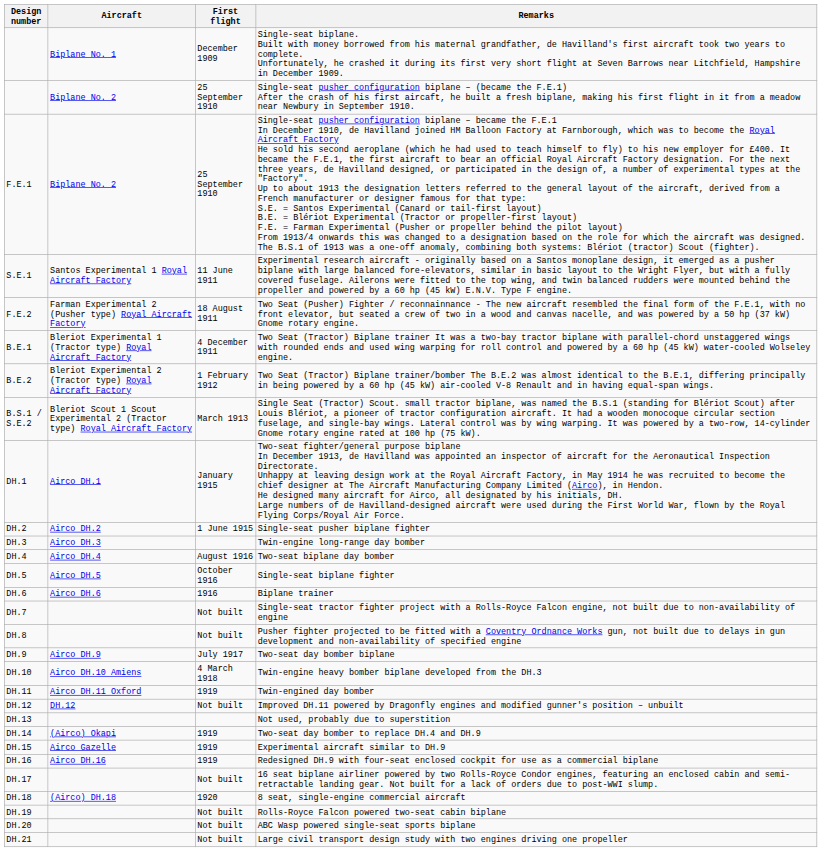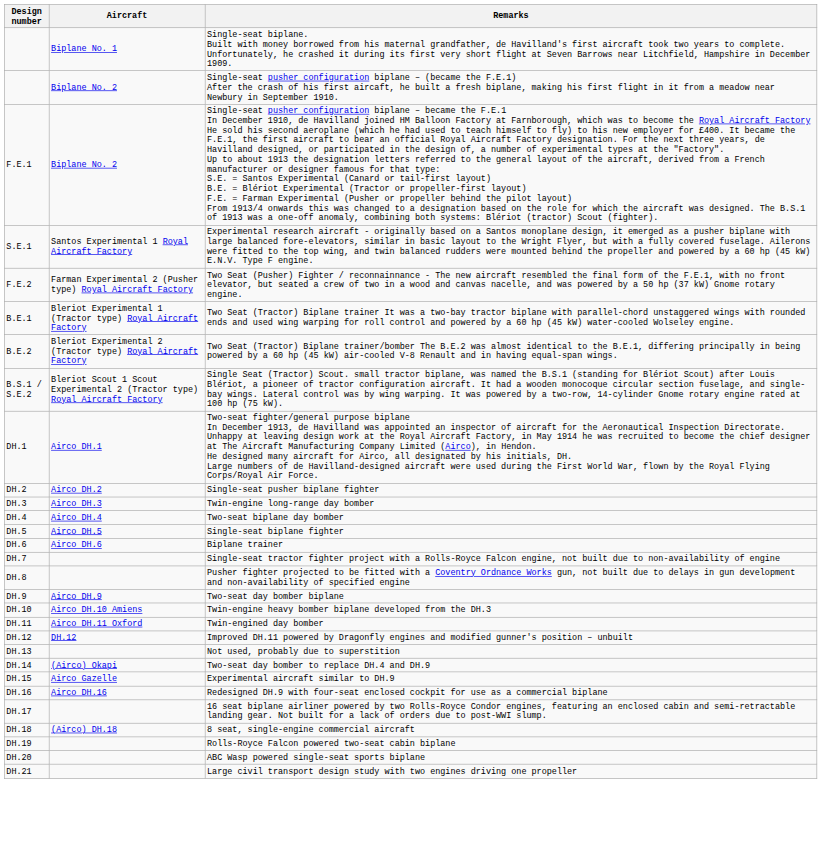 <table class="wikitable">
 <tr>
 <th>Design<br> number</th>
 <th>Aircraft</th>
-<th>First flight</th>
 <th>Remarks</th>
 </tr>
 <tr>
 <td></td>
 <td><a href='#'>Biplane No. 1</a></td>
-<td>December 1909</td>
 <td>Single-seat biplane.<br>Built with money borrowed from his maternal grandfather, de Havilland's first aircraft took two years to complete.<br>Unfortunately, he crashed it during its first very short flight at Seven Barrows near Litchfield, Hampshire in December 1909.</td>
 </tr>
 <tr>
 <td></td>
 <td><a href='#'>Biplane No. 2</a></td>
-<td>25 September 1910</td>
 <td>Single-seat <a href='#'>pusher configuration</a> biplane – (became the F.E.1)<br>After the crash of his first aircaft, he built a fresh biplane, making his first flight in it from a meadow near Newbury in September 1910.</td>
 </tr>
 <tr>
 <td>F.E.1</td>
 <td><a href='#'>Biplane No. 2</a></td>
-<td>25 September 1910</td>
 <td>Single-seat <a href='#'>pusher configuration</a> biplane – became the F.E.1<br>In December 1910, de Havilland joined HM Balloon Factory at Farnborough, which was to become the <a href='#'>Royal Aircraft Factory</a><br>He sold his second aeroplane (which he had used to teach himself to fly) to his new employer for £400. It became the F.E.1, the first aircraft to bear an official Royal Aircraft Factory designation. For the next three years, de Havilland designed, or participated in the design of, a number of experimental types at the "Factory".<br>Up to about 1913 the designation letters referred to the general layout of the aircraft, derived from a French manufacturer or designer famous for that type:<br>S.E. = Santos Experimental (Canard or tail-first layout)<br>B.E. = Blériot Experimental (Tractor or propeller-first layout)<br>F.E. = Farman Experimental (Pusher or propeller behind the pilot layout)<br>From 1913/4 onwards this was changed to a designation based on the role for which the aircraft was designed. The B.S.1 of 1913 was a one-off anomaly, combining both systems: Blériot (tractor) Scout (fighter).</td>
 </tr>
 <tr>
 <td>S.E.1</td>
 <td>Santos Experimental 1 <a href='#'>Royal Aircraft Factory</a></td>
-<td>11 June 1911</td>
 <td>Experimental research aircraft - originally based on a Santos monoplane design, it emerged as a pusher biplane with large balanced fore-elevators, similar in basic layout to the Wright Flyer, but with a fully covered fuselage. Ailerons were fitted to the top wing, and twin balanced rudders were mounted behind the propeller and powered by a 60 hp (45 kW) E.N.V. Type F engine.</td>
 </tr>
 <tr>
 <td>F.E.2</td>
 <td>Farman Experimental 2 (Pusher type) <a href='#'>Royal Aircraft Factory</a></td>
-<td>18 August 1911</td>
 <td>Two Seat (Pusher) Fighter / reconnainnance - The new aircraft resembled the final form of the F.E.1, with no front elevator, but seated a crew of two in a wood and canvas nacelle, and was powered by a 50 hp (37 kW) Gnome rotary engine.</td>
 </tr>
 <tr>
 <td>B.E.1</td>
 <td>Bleriot Experimental 1 (Tractor type) <a href='#'>Royal Aircraft Factory</a></td>
-<td>4 December 1911</td>
 <td>Two Seat (Tractor) Biplane trainer It was a two-bay tractor biplane with parallel-chord unstaggered wings with rounded ends and used wing warping for roll control and powered by a 60 hp (45 kW) water-cooled Wolseley engine.</td>
 </tr>
 <tr>
 <td>B.E.2</td>
 <td>Bleriot Experimental 2 (Tractor type) <a href='#'>Royal Aircraft Factory</a></td>
-<td>1 February 1912</td>
 <td>Two Seat (Tractor) Biplane trainer/bomber The B.E.2 was almost identical to the B.E.1, differing principally in being powered by a 60 hp (45 kW) air-cooled V-8 Renault and in having equal-span wings.</td>
 </tr>
 <tr>
 <td>B.S.1 / S.E.2</td>
 <td>Bleriot Scout 1 Scout Experimental 2 (Tractor type) <a href='#'>Royal Aircraft Factory</a></td>
-<td>March 1913</td>
 <td>Single Seat (Tractor) Scout. small tractor biplane, was named the B.S.1 (standing for Blériot Scout) after Louis Blériot, a pioneer of tractor configuration aircraft. It had a wooden monocoque circular section fuselage, and single-bay wings. Lateral control was by wing warping. It was powered by a two-row, 14-cylinder Gnome rotary engine rated at 100 hp (75 kW).</td>
 </tr>
 <tr>
 <td>DH.1</td>
 <td><a href='#'>Airco DH.1</a></td>
-<td>January 1915</td>
 <td>Two-seat fighter/general purpose biplane<br>In December 1913, de Havilland was appointed an inspector of aircraft for the Aeronautical Inspection Directorate.<br>Unhappy at leaving design work at the Royal Aircraft Factory, in May 1914 he was recruited to become the chief designer at The Aircraft Manufacturing Company Limited (<a href='#'>Airco</a>), in Hendon.<br>He designed many aircraft for Airco, all designated by his initials, DH.<br>Large numbers of de Havilland-designed aircraft were used during the First World War, flown by the Royal Flying Corps/Royal Air Force.</td>
 </tr>
 <tr>
 <td>DH.2</td>
 <td><a href='#'>Airco DH.2</a></td>
-<td>1 June 1915</td>
 <td>Single-seat pusher biplane fighter</td>
 </tr>
 <tr>
 <td>DH.3</td>
 <td><a href='#'>Airco DH.3</a></td>
-<td></td>
 <td>Twin-engine long-range day bomber</td>
 </tr>
 <tr>
 <td>DH.4</td>
 <td><a href='#'>Airco DH.4</a></td>
-<td>August 1916</td>
 <td>Two-seat biplane day bomber</td>
 </tr>
 <tr>
 <td>DH.5</td>
 <td><a href='#'>Airco DH.5</a></td>
-<td>October 1916</td>
 <td>Single-seat biplane fighter</td>
 </tr>
 <tr>
 <td>DH.6</td>
 <td><a href='#'>Airco DH.6</a></td>
-<td>1916</td>
 <td>Biplane trainer</td>
 </tr>
 <tr>
 <td>DH.7</td>
 <td></td>
-<td>Not built</td>
 <td>Single-seat tractor fighter project with a Rolls-Royce Falcon engine, not built due to non-availability of engine</td>
 </tr>
 <tr>
 <td>DH.8</td>
 <td></td>
-<td>Not built</td>
 <td>Pusher fighter projected to be fitted with a <a href='#'>Coventry Ordnance Works</a> gun, not built due to delays in gun development and non-availability of specified engine</td>
 </tr>
 <tr>
 <td>DH.9</td>
 <td><a href='#'>Airco DH.9</a></td>
-<td>July 1917</td>
 <td>Two-seat day bomber biplane</td>
 </tr>
 <tr>
 <td>DH.10</td>
 <td><a href='#'>Airco DH.10 Amiens</a></td>
-<td>4 March 1918</td>
 <td>Twin-engine heavy bomber biplane developed from the DH.3</td>
 </tr>
 <tr>
 <td>DH.11</td>
 <td><a href='#'>Airco DH.11 Oxford</a></td>
-<td>1919</td>
 <td>Twin-engined day bomber</td>
 </tr>
 <tr>
 <td>DH.12</td>
 <td><a href='#'>DH.12</a></td>
-<td>Not built</td>
 <td>Improved DH.11 powered by Dragonfly engines and modified gunner's position – unbuilt</td>
 </tr>
 <tr>
 <td>DH.13</td>
-<td></td>
 <td></td>
 <td>Not used, probably due to superstition</td>
 </tr>
 <tr>
 <td>DH.14</td>
 <td><a href='#'>(Airco) Okapi</a></td>
-<td>1919</td>
 <td>Two-seat day bomber to replace DH.4 and DH.9</td>
 </tr>
 <tr>
 <td>DH.15</td>
 <td><a href='#'>Airco Gazelle</a></td>
-<td>1919</td>
 <td>Experimental aircraft similar to DH.9</td>
 </tr>
 <tr>
 <td>DH.16</td>
 <td><a href='#'>Airco DH.16</a></td>
-<td>1919</td>
 <td>Redesigned DH.9 with four-seat enclosed cockpit for use as a commercial biplane</td>
 </tr>
 <tr>
 <td>DH.17</td>
 <td></td>
-<td>Not built</td>
 <td>16 seat biplane airliner powered by two Rolls-Royce Condor engines, featuring an enclosed cabin and semi-retractable landing gear. Not built for a lack of orders due to post-WWI slump.</td>
 </tr>
 <tr>
 <td>DH.18</td>
 <td><a href='#'>(Airco) DH.18</a></td>
-<td>1920</td>
 <td>8 seat, single-engine commercial aircraft</td>
 </tr>
 <tr>
 <td>DH.19</td>
 <td></td>
-<td>Not built</td>
 <td>Rolls-Royce Falcon powered two-seat cabin biplane</td>
 </tr>
 <tr>
 <td>DH.20</td>
 <td></td>
-<td>Not built</td>
 <td>ABC Wasp powered single-seat sports biplane</td>
 </tr>
 <tr>
 <td>DH.21</td>
 <td></td>
-<td>Not built</td>
 <td>Large civil transport design study with two engines driving one propeller</td>
 </tr>
 </table>
